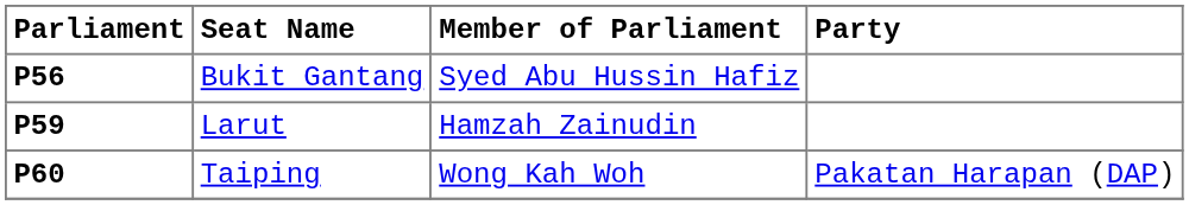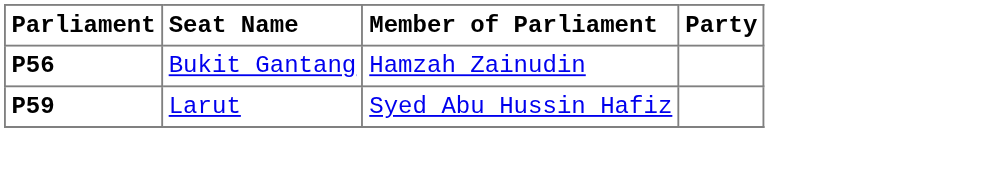 <table class="toccolours sortable" border="1" cellpadding="3" style="border-collapse:collapse; text-align: left;">
 <tr>
 <th align="center">Parliament</th>
 <th>Seat Name</th>
 <th>Member of Parliament</th>
 <th>Party</th>
 </tr>
 <tr>
 <th align="left">P56</th>
 <td><a href='#'>Bukit Gantang</a></td>
-<td><a href='#'>Syed Abu Hussin Hafiz</a></td>
+<td><a href='#'>Hamzah Zainudin</a></td>
 <td></td>
 </tr>
 <tr>
 <th align="left">P59</th>
 <td><a href='#'>Larut</a></td>
-<td><a href='#'>Hamzah Zainudin</a></td>
+<td><a href='#'>Syed Abu Hussin Hafiz</a></td>
 <td></td>
-</tr>
-<tr>
-<th align="left">P60</th>
-<td><a href='#'>Taiping</a></td>
-<td><a href='#'>Wong Kah Woh</a></td>
-<td><a href='#'>Pakatan Harapan</a> (<a href='#'>DAP</a>)</td>
 </tr>
 <tr>
 </tr>
 </table>
